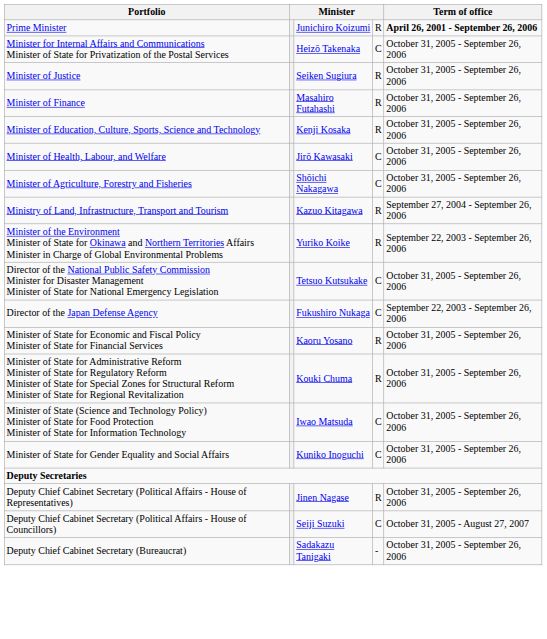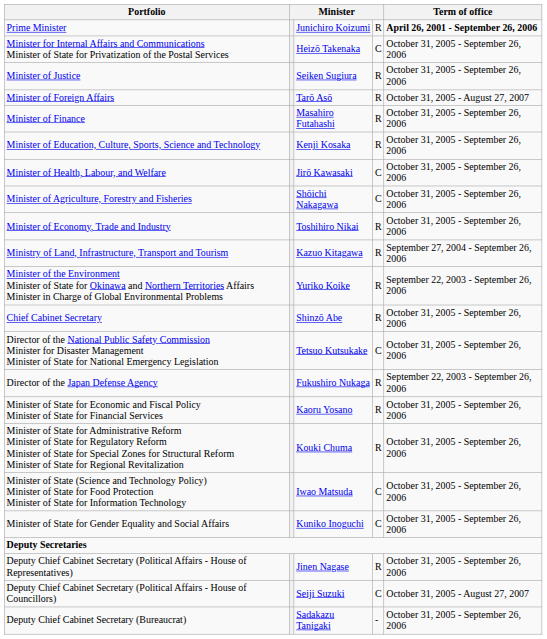 <table class="wikitable">
 <tr>
 <th>Portfolio</th>
 <th colspan=3>Minister</th>
 <th>Term of office</th>
 </tr>
 <tr>
 <td><a href='#'>Prime Minister</a></td>
 <th style="color:inherit;background-color: "></th>
 <td><a href='#'>Junichiro Koizumi</a></td>
 <td>R</td>
 <td><strong>April 26, 2001 - September 26, 2006</strong></td>
 </tr>
 <tr>
 <td><a href='#'>Minister for Internal Affairs and Communications</a> <br>Minister of State for Privatization of the Postal Services</td>
 <th style="color:inherit;background-color: "></th>
 <td><a href='#'>Heizō Takenaka</a></td>
 <td>C</td>
 <td>October 31, 2005 - September 26, 2006</td>
 </tr>
 <tr>
 <td><a href='#'>Minister of Justice</a></td>
 <th style="color:inherit;background-color: "></th>
 <td><a href='#'>Seiken Sugiura</a></td>
 <td>R</td>
 <td>October 31, 2005 - September 26, 2006</td>
+</tr>
+<tr>
+<td><a href='#'>Minister of Foreign Affairs</a></td>
+<th style="color:inherit;background-color: "></th>
+<td><a href='#'>Tarō Asō</a></td>
+<td>R</td>
+<td>October 31, 2005 - August 27, 2007</td>
 </tr>
 <tr>
 <td><a href='#'>Minister of Finance</a></td>
 <th style="color:inherit;background-color: "></th>
 <td><a href='#'>Masahiro Futahashi</a></td>
 <td>R</td>
 <td>October 31, 2005 - September 26, 2006</td>
 </tr>
 <tr>
 <td><a href='#'>Minister of Education, Culture, Sports, Science and Technology</a></td>
 <th style="color:inherit;background-color: "></th>
 <td><a href='#'>Kenji Kosaka</a></td>
 <td>R</td>
 <td>October 31, 2005 - September 26, 2006</td>
 </tr>
 <tr>
 <td><a href='#'>Minister of Health, Labour, and Welfare</a></td>
 <th style="color:inherit;background-color: "></th>
 <td><a href='#'>Jirō Kawasaki</a></td>
 <td>C</td>
 <td>October 31, 2005 - September 26, 2006</td>
 </tr>
 <tr>
 <td><a href='#'>Minister of Agriculture, Forestry and Fisheries</a></td>
 <th style="color:inherit;background-color: "></th>
 <td><a href='#'>Shōichi Nakagawa</a></td>
 <td>C</td>
 <td>October 31, 2005 - September 26, 2006</td>
 </tr>
 <tr>
+<td><a href='#'>Minister of Economy, Trade and Industry</a></td>
+<th style="color:inherit;background-color: "></th>
+<td><a href='#'>Toshihiro Nikai</a></td>
+<td>R</td>
+<td>October 31, 2005 - September 26, 2006</td>
+</tr>
+<tr>
 <td><a href='#'>Ministry of Land, Infrastructure, Transport and Tourism</a></td>
 <th style="color:inherit;background-color: "></th>
 <td><a href='#'>Kazuo Kitagawa</a></td>
 <td>R</td>
 <td>September 27, 2004 - September 26, 2006</td>
 </tr>
 <tr>
 <td><a href='#'>Minister of the Environment</a> <br>Minister of State for <a href='#'>Okinawa</a> and <a href='#'>Northern Territories</a> Affairs <br> Minister in Charge of Global Environmental Problems</td>
 <th style="color:inherit;background-color: "></th>
 <td><a href='#'>Yuriko Koike</a></td>
 <td>R</td>
 <td>September 22, 2003 - September 26, 2006</td>
 </tr>
 <tr>
+<td><a href='#'>Chief Cabinet Secretary</a></td>
+<th style="color:inherit;background-color: "></th>
+<td><a href='#'>Shinzō Abe</a></td>
+<td>R</td>
+<td>October 31, 2005 - September 26, 2006</td>
+</tr>
+<tr>
 <td>Director of the <a href='#'>National Public Safety Commission</a> <br>Minister for Disaster Management <br>Minister of State for National Emergency Legislation</td>
 <th style="color:inherit;background-color: "></th>
 <td><a href='#'>Tetsuo Kutsukake</a></td>
 <td>C</td>
 <td>October 31, 2005 - September 26, 2006</td>
 </tr>
 <tr>
 <td>Director of the <a href='#'>Japan Defense Agency</a></td>
 <th style="color:inherit;background-color: "></th>
 <td><a href='#'>Fukushiro Nukaga</a></td>
-<td>C</td>
+<td>R</td>
 <td>September 22, 2003 - September 26, 2006</td>
 </tr>
 <tr>
 <td>Minister of State for Economic and Fiscal Policy <br>Minister of State for Financial Services</td>
 <th style="color:inherit;background-color: "></th>
 <td><a href='#'>Kaoru Yosano</a></td>
 <td>R</td>
 <td>October 31, 2005 - September 26, 2006</td>
 </tr>
 <tr>
 <td>Minister of State for Administrative Reform <br>Minister of State for Regulatory Reform <br>Minister of State for Special Zones for Structural Reform <br>Minister of State for Regional Revitalization</td>
 <th style="color:inherit;background-color: "></th>
 <td><a href='#'>Kouki Chuma</a></td>
 <td>R</td>
 <td>October 31, 2005 - September 26, 2006</td>
 </tr>
 <tr>
 <td>Minister of State (Science and Technology Policy) <br>Minister of State for Food Protection <br>Minister of State for Information Technology</td>
 <th style="color:inherit;background-color: "></th>
 <td><a href='#'>Iwao Matsuda</a></td>
 <td>C</td>
 <td>October 31, 2005 - September 26, 2006</td>
 </tr>
 <tr>
 <td>Minister of State for Gender Equality and Social Affairs</td>
 <th style="color:inherit;background-color: "></th>
 <td><a href='#'>Kuniko Inoguchi</a></td>
 <td>C</td>
 <td>October 31, 2005 - September 26, 2006</td>
 </tr>
 <tr>
 <td colspan=5><strong>Deputy Secretaries</strong></td>
 </tr>
 <tr>
 <td>Deputy Chief Cabinet Secretary (Political Affairs - House of Representatives)</td>
 <th style="color:inherit;background-color: "></th>
 <td><a href='#'>Jinen Nagase</a></td>
 <td>R</td>
 <td>October 31, 2005 - September 26, 2006</td>
 </tr>
 <tr>
 <td>Deputy Chief Cabinet Secretary (Political Affairs - House of Councillors)</td>
 <th style="color:inherit;background-color: "></th>
 <td><a href='#'>Seiji Suzuki</a></td>
 <td>C</td>
 <td>October 31, 2005 - August 27, 2007</td>
 </tr>
 <tr>
 <td>Deputy Chief Cabinet Secretary (Bureaucrat)</td>
 <th style="color:inherit;background-color: "></th>
 <td><a href='#'>Sadakazu Tanigaki</a></td>
 <td>-</td>
 <td>October 31, 2005 - September 26, 2006</td>
 </tr>
 </table>
